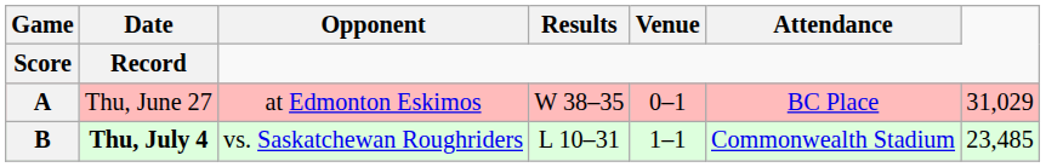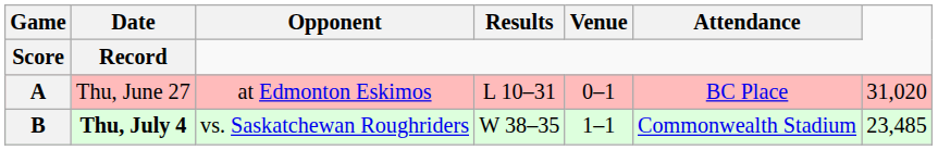 <table class="wikitable" style="text-align:center">
 <tr>
 <th>Game</th>
 <th>Date</th>
 <th>Opponent</th>
 <th>Results</th>
 <th>Venue</th>
 <th>Attendance</th>
 </tr>
 <tr>
 <th>Score</th>
 <th>Record</th>
 </tr>
 <tr style="background:#ffbbbb">
 <th>A</th>
 <td>Thu, June 27</td>
 <td>at <a href='#'>Edmonton Eskimos</a></td>
-<td>W 38–35</td>
+<td>L 10–31</td>
 <td>0–1</td>
 <td><a href='#'>BC Place</a></td>
-<td>31,029</td>
+<td>31,020</td>
 </tr>
 <tr style="background:#ddffdd">
 <th>B</th>
 <td><strong>Thu, July 4</strong></td>
 <td>vs. <a href='#'>Saskatchewan Roughriders</a></td>
-<td>L 10–31</td>
+<td>W 38–35</td>
 <td>1–1</td>
 <td><a href='#'>Commonwealth Stadium</a></td>
 <td>23,485</td>
 </tr>
 </table>
